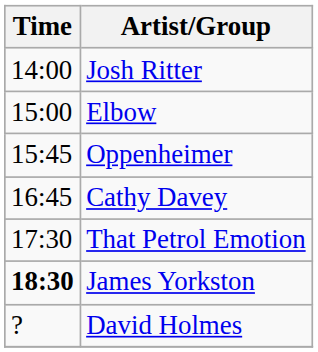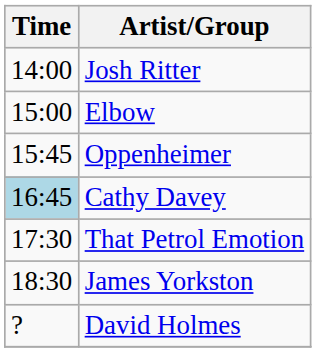 <table class="wikitable" style="float:left; margin-right:1em">
 <tr>
 <th>Time</th>
 <th>Artist/Group</th>
 </tr>
 <tr>
 <td>14:00</td>
 <td><a href='#'>Josh Ritter</a></td>
 </tr>
 <tr>
 <td>15:00</td>
 <td><a href='#'>Elbow</a></td>
 </tr>
 <tr>
 <td>15:45</td>
 <td><a href='#'>Oppenheimer</a></td>
 </tr>
 <tr>
-<td>16:45</td>
+<td style="background: lightblue;">16:45</td>
 <td><a href='#'>Cathy Davey</a></td>
 </tr>
 <tr>
 <td>17:30</td>
 <td><a href='#'>That Petrol Emotion</a></td>
 </tr>
 <tr>
-<td><strong>18:30</strong></td>
+<td>18:30</td>
 <td><a href='#'>James Yorkston</a></td>
 </tr>
 <tr>
 <td>?</td>
 <td><a href='#'>David Holmes</a></td>
 </tr>
 <tr>
 </tr>
 </table>
